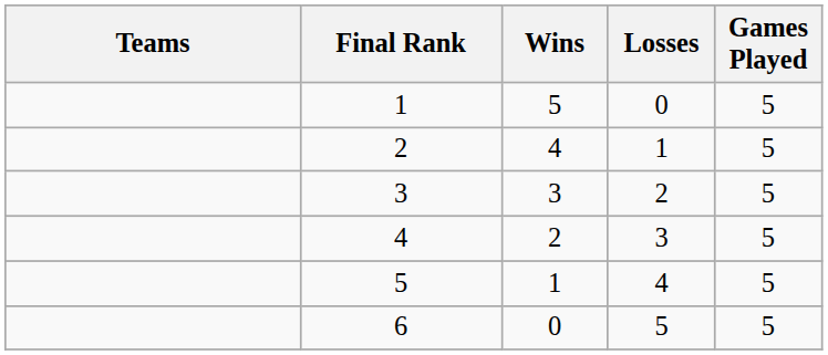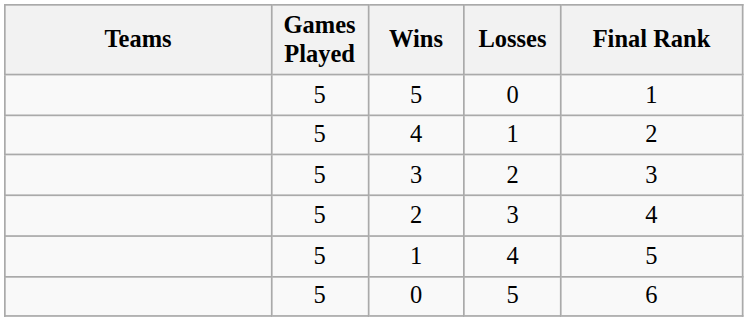 <table class=wikitable style="text-align:center; font-size:90%">
 <tr>
 <th width=150>Teams</th>
-<th width=100>Final Rank</th>
+<th width=50>Games Played</th>
 <th width=50>Wins</th>
 <th width=50>Losses</th>
-<th width=50>Games Played</th>
+<th width=100>Final Rank</th>
 </tr>
 <tr>
 <td align=left></td>
-<td>1</td>
+<td>5</td>
 <td>5</td>
 <td>0</td>
-<td>5</td>
+<td>1</td>
 </tr>
 <tr>
 <td align=left></td>
-<td>2</td>
+<td>5</td>
 <td>4</td>
 <td>1</td>
-<td>5</td>
+<td>2</td>
 </tr>
 <tr>
 <td align=left></td>
-<td>3</td>
+<td>5</td>
 <td>3</td>
 <td>2</td>
-<td>5</td>
+<td>3</td>
 </tr>
 <tr>
 <td align=left></td>
-<td>4</td>
+<td>5</td>
 <td>2</td>
 <td>3</td>
-<td>5</td>
+<td>4</td>
 </tr>
 <tr>
 <td align=left></td>
 <td>5</td>
 <td>1</td>
 <td>4</td>
 <td>5</td>
 </tr>
 <tr>
 <td align=left></td>
-<td>6</td>
+<td>5</td>
 <td>0</td>
 <td>5</td>
-<td>5</td>
+<td>6</td>
 </tr>
 </table>
